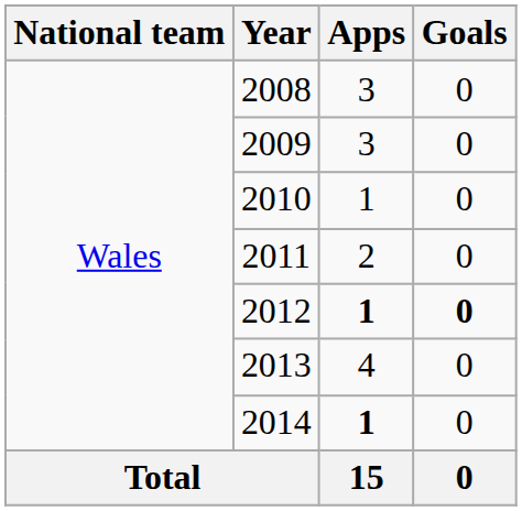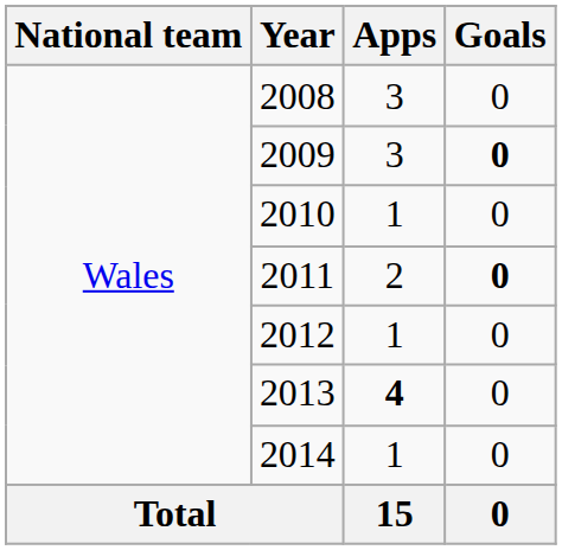 <table class="wikitable" style="text-align:center">
 <tr>
 <th>National team</th>
 <th>Year</th>
 <th>Apps</th>
 <th>Goals</th>
 </tr>
 <tr>
 <td rowspan=7><a href='#'>Wales</a></td>
 <td>2008</td>
 <td>3</td>
 <td>0</td>
 </tr>
 <tr>
 <td>2009</td>
 <td>3</td>
-<td>0</td>
+<td><strong>0</strong></td>
 </tr>
 <tr>
 <td>2010</td>
 <td>1</td>
 <td>0</td>
 </tr>
 <tr>
 <td>2011</td>
 <td>2</td>
+<td><strong>0</strong></td>
+</tr>
+<tr>
+<td>2012</td>
+<td>1</td>
 <td>0</td>
 </tr>
 <tr>
-<td>2012</td>
-<td><strong>1</strong></td>
-<td><strong>0</strong></td>
-</tr>
-<tr>
 <td>2013</td>
-<td>4</td>
+<td><strong>4</strong></td>
 <td>0</td>
 </tr>
 <tr>
 <td>2014</td>
-<td><strong>1</strong></td>
+<td>1</td>
 <td>0</td>
 </tr>
 <tr>
 <th colspan=2>Total</th>
 <th>15</th>
 <th>0</th>
 </tr>
 </table>
